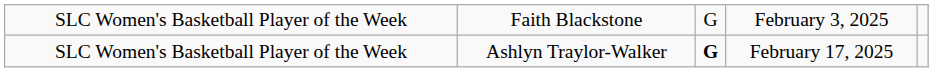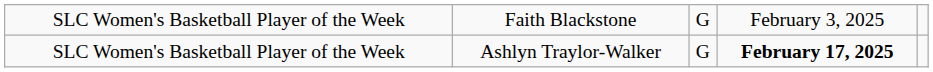 <table class="wikitable" style="width: 60%;text-align: center;">
 <tr align="center">
 <td rowspan="1">SLC Women's Basketball Player of the Week</td>
 <td>Faith Blackstone</td>
 <td>G</td>
 <td>February 3, 2025</td>
 <td></td>
 </tr>
 <tr align="center">
 <td rowspan="1">SLC Women's Basketball Player of the Week</td>
 <td>Ashlyn Traylor-Walker</td>
-<td><strong>G</strong></td>
-<td>February 17, 2025</td>
+<td>G</td>
+<td><strong>February 17, 2025</strong></td>
 <td></td>
 </tr>
 </table>
